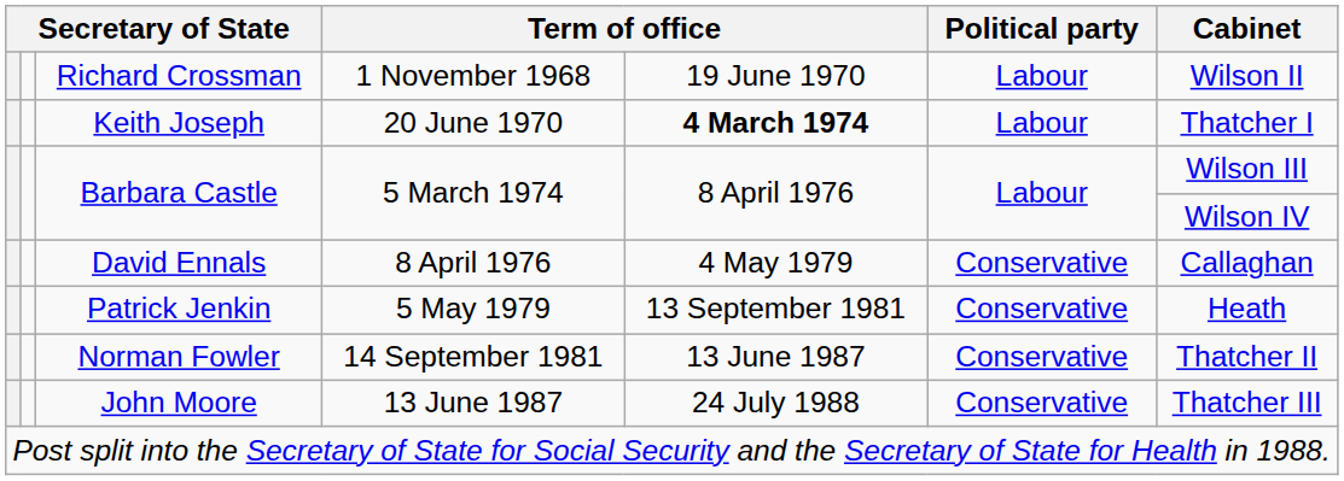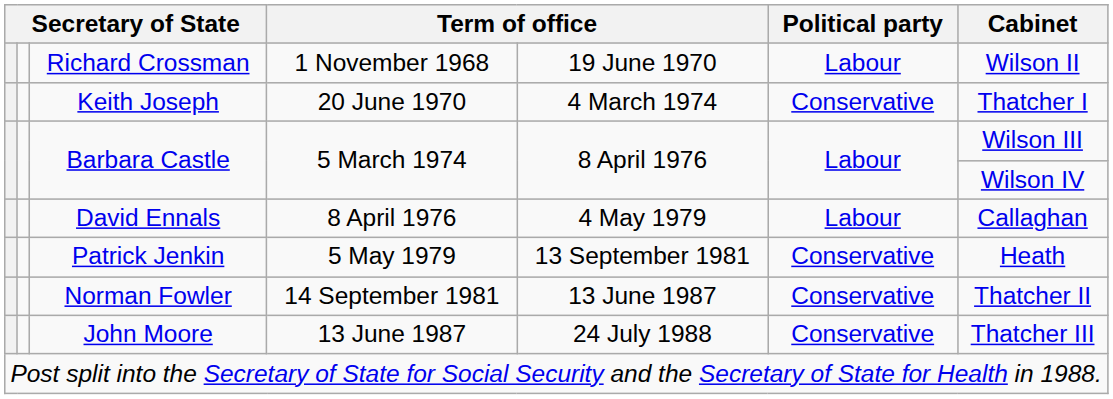 <table class="wikitable" style="text-align:center">
 <tr style="height:1em">
 <th colspan=3>Secretary of State</th>
 <th colspan=2>Term of office</th>
 <th>Political party</th>
 <th>Cabinet</th>
 </tr>
 <tr style="height:1em">
 <th style="background-color:"></th>
 <td></td>
 <td><a href='#'>Richard Crossman</a></td>
 <td>1 November 1968</td>
 <td>19 June 1970</td>
 <td><a href='#'>Labour</a></td>
 <td><a href='#'>Wilson II</a></td>
 </tr>
 <tr style="height:1em">
 <th style="background-color:"></th>
 <td></td>
 <td><a href='#'>Keith Joseph</a></td>
 <td>20 June 1970</td>
-<td><strong>4 March 1974</strong></td>
-<td><a href='#'>Labour</a></td>
+<td>4 March 1974</td>
+<td><a href='#'>Conservative</a></td>
 <td><a href='#'>Thatcher I</a></td>
 </tr>
 <tr style="height:1em">
 <th rowspan="2" style="background-color:"></th>
 <td rowspan="2"></td>
 <td rowspan="2"><a href='#'>Barbara Castle</a></td>
 <td rowspan="2">5 March 1974</td>
 <td rowspan="2">8 April 1976</td>
 <td rowspan="2" ><a href='#'>Labour</a></td>
 <td><a href='#'>Wilson III</a></td>
 </tr>
 <tr>
 <td><a href='#'>Wilson IV</a></td>
 </tr>
 <tr style="height:1em">
 <th style="background-color:"></th>
 <td></td>
 <td><a href='#'>David Ennals</a></td>
 <td>8 April 1976</td>
 <td>4 May 1979</td>
-<td><a href='#'>Conservative</a></td>
+<td><a href='#'>Labour</a></td>
 <td><a href='#'>Callaghan</a></td>
 </tr>
 <tr style="height:1em">
 <th style="background-color:"></th>
 <td></td>
 <td><a href='#'>Patrick Jenkin</a></td>
 <td>5 May 1979</td>
 <td>13 September 1981</td>
 <td><a href='#'>Conservative</a></td>
 <td><a href='#'>Heath</a></td>
 </tr>
 <tr style="height:1em">
 <th style="background-color:"></th>
 <td></td>
 <td><a href='#'>Norman Fowler</a></td>
 <td>14 September 1981</td>
 <td>13 June 1987</td>
 <td><a href='#'>Conservative</a></td>
 <td><a href='#'>Thatcher II</a></td>
 </tr>
 <tr style="height:1em">
 <th style="background-color:"></th>
 <td></td>
 <td><a href='#'>John Moore</a></td>
 <td>13 June 1987</td>
 <td>24 July 1988</td>
 <td><a href='#'>Conservative</a></td>
 <td><a href='#'>Thatcher III</a></td>
 </tr>
 <tr>
 <td colspan="7"><em>Post split into the <a href='#'>Secretary of State for Social Security</a> and the <a href='#'>Secretary of State for Health</a> in 1988.</em></td>
 </tr>
 </table>
